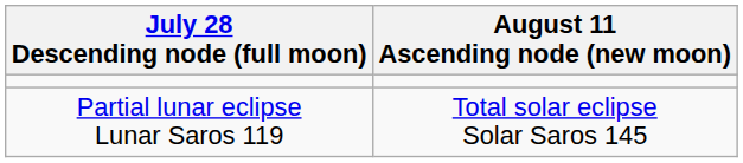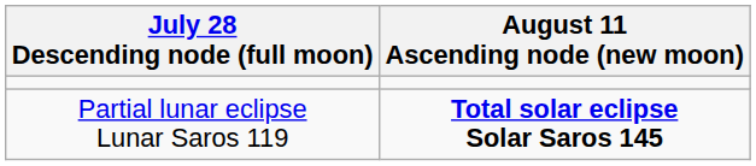 <table class="wikitable">
 <tr>
 <th><a href='#'>July 28</a><br>Descending node (full moon)<br></th>
 <th>August 11<br>Ascending node (new moon)<br></th>
 </tr>
 <tr>
 <td></td>
 <td></td>
 </tr>
 <tr align=center>
 <td><a href='#'>Partial lunar eclipse</a><br>Lunar Saros 119</td>
-<td><a href='#'>Total solar eclipse</a><br>Solar Saros 145</td>
+<td><strong><a href='#'>Total solar eclipse</a><br>Solar Saros 145</strong></td>
 </tr>
 </table>
